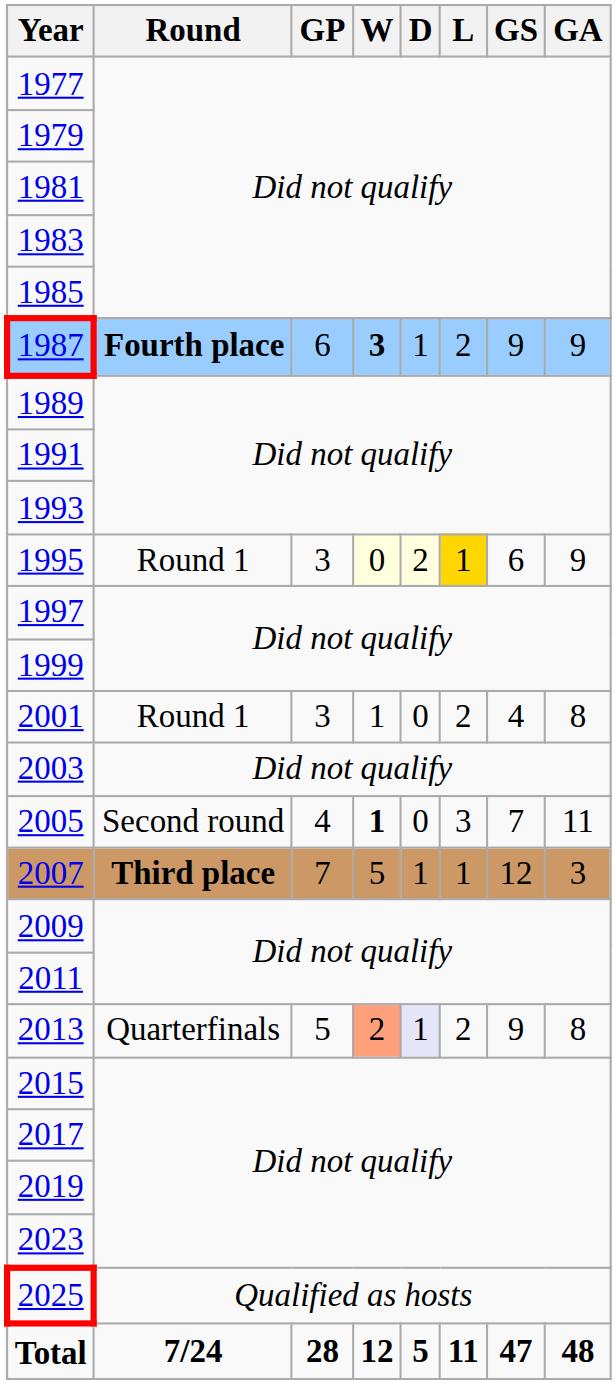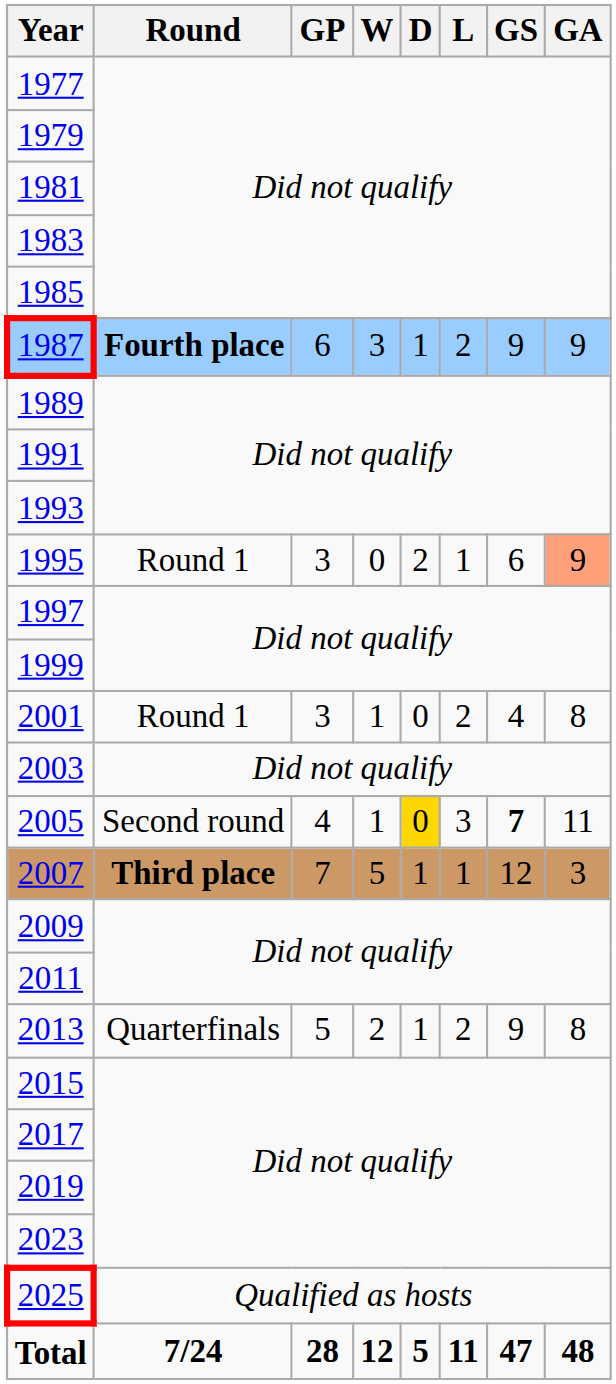 <table class="wikitable" style="text-align: center;">
 <tr>
 <th>Year</th>
 <th>Round</th>
 <th>GP</th>
 <th>W</th>
 <th>D</th>
 <th>L</th>
 <th>GS</th>
 <th>GA</th>
 </tr>
 <tr>
 <td> <a href='#'>1977</a></td>
 <td rowspan=5 colspan=7><em>Did not qualify</em></td>
 </tr>
 <tr>
 <td> <a href='#'>1979</a></td>
 </tr>
 <tr>
 <td> <a href='#'>1981</a></td>
 </tr>
 <tr>
 <td> <a href='#'>1983</a></td>
 </tr>
 <tr>
 <td> <a href='#'>1985</a></td>
 </tr>
 <tr>
 </tr>
 <tr style="background:#9acdff;">
 <td style="border: 3px solid red"> <a href='#'>1987</a></td>
 <td><strong>Fourth place</strong></td>
 <td>6</td>
-<td><strong>3</strong></td>
+<td>3</td>
 <td>1</td>
 <td>2</td>
 <td>9</td>
 <td>9</td>
 </tr>
 <tr>
 <td> <a href='#'>1989</a></td>
 <td rowspan=3 colspan=7><em>Did not qualify</em></td>
 </tr>
 <tr>
 <td> <a href='#'>1991</a></td>
 </tr>
 <tr>
 <td> <a href='#'>1993</a></td>
 </tr>
 <tr>
 <td> <a href='#'>1995</a></td>
 <td>Round 1</td>
 <td>3</td>
-<td style="background: lightyellow;">0</td>
-<td style="background: lightyellow;">2</td>
-<td style="background: gold;">1</td>
+<td>0</td>
+<td>2</td>
+<td>1</td>
 <td>6</td>
-<td>9</td>
+<td style="background: lightsalmon;">9</td>
 </tr>
 <tr>
 <td> <a href='#'>1997</a></td>
 <td rowspan=2 colspan=7><em>Did not qualify</em></td>
 </tr>
 <tr>
 <td> <a href='#'>1999</a></td>
 </tr>
 <tr>
 <td> <a href='#'>2001</a></td>
 <td>Round 1</td>
 <td>3</td>
 <td>1</td>
 <td>0</td>
 <td>2</td>
 <td>4</td>
 <td>8</td>
 </tr>
 <tr>
 <td> <a href='#'>2003</a></td>
 <td colspan=7><em>Did not qualify</em></td>
 </tr>
 <tr>
 <td> <a href='#'>2005</a></td>
 <td>Second round</td>
 <td>4</td>
-<td><strong>1</strong></td>
-<td>0</td>
+<td>1</td>
+<td style="background: gold;">0</td>
 <td>3</td>
-<td>7</td>
+<td><strong>7</strong></td>
 <td>11</td>
 </tr>
 <tr bgcolor="#cc9966">
 <td> <a href='#'>2007</a></td>
 <td><strong>Third place</strong></td>
 <td>7</td>
 <td>5</td>
 <td>1</td>
 <td>1</td>
 <td>12</td>
 <td>3</td>
 </tr>
 <tr>
 <td> <a href='#'>2009</a></td>
 <td rowspan=2 colspan=7><em>Did not qualify</em></td>
 </tr>
 <tr>
 <td> <a href='#'>2011</a></td>
 </tr>
 <tr>
 <td> <a href='#'>2013</a></td>
 <td>Quarterfinals</td>
 <td>5</td>
-<td style="background: lightsalmon;">2</td>
-<td style="background: lavender;">1</td>
+<td>2</td>
+<td>1</td>
 <td>2</td>
 <td>9</td>
 <td>8</td>
 </tr>
 <tr>
 <td> <a href='#'>2015</a></td>
 <td rowspan=4 colspan=7><em>Did not qualify</em></td>
 </tr>
 <tr>
 <td> <a href='#'>2017</a></td>
 </tr>
 <tr>
 <td> <a href='#'>2019</a></td>
 </tr>
 <tr>
 <td> <a href='#'>2023</a></td>
 </tr>
 <tr>
 <td style="border: 3px solid red"> <a href='#'>2025</a></td>
 <td colspan=7><em>Qualified as hosts</em></td>
 </tr>
 <tr>
 <td><strong>Total</strong></td>
 <td><strong>7/24</strong></td>
 <td><strong>28</strong></td>
 <td><strong>12</strong></td>
 <td><strong>5</strong></td>
 <td><strong>11</strong></td>
 <td><strong>47</strong></td>
 <td><strong>48</strong></td>
 </tr>
 </table>
